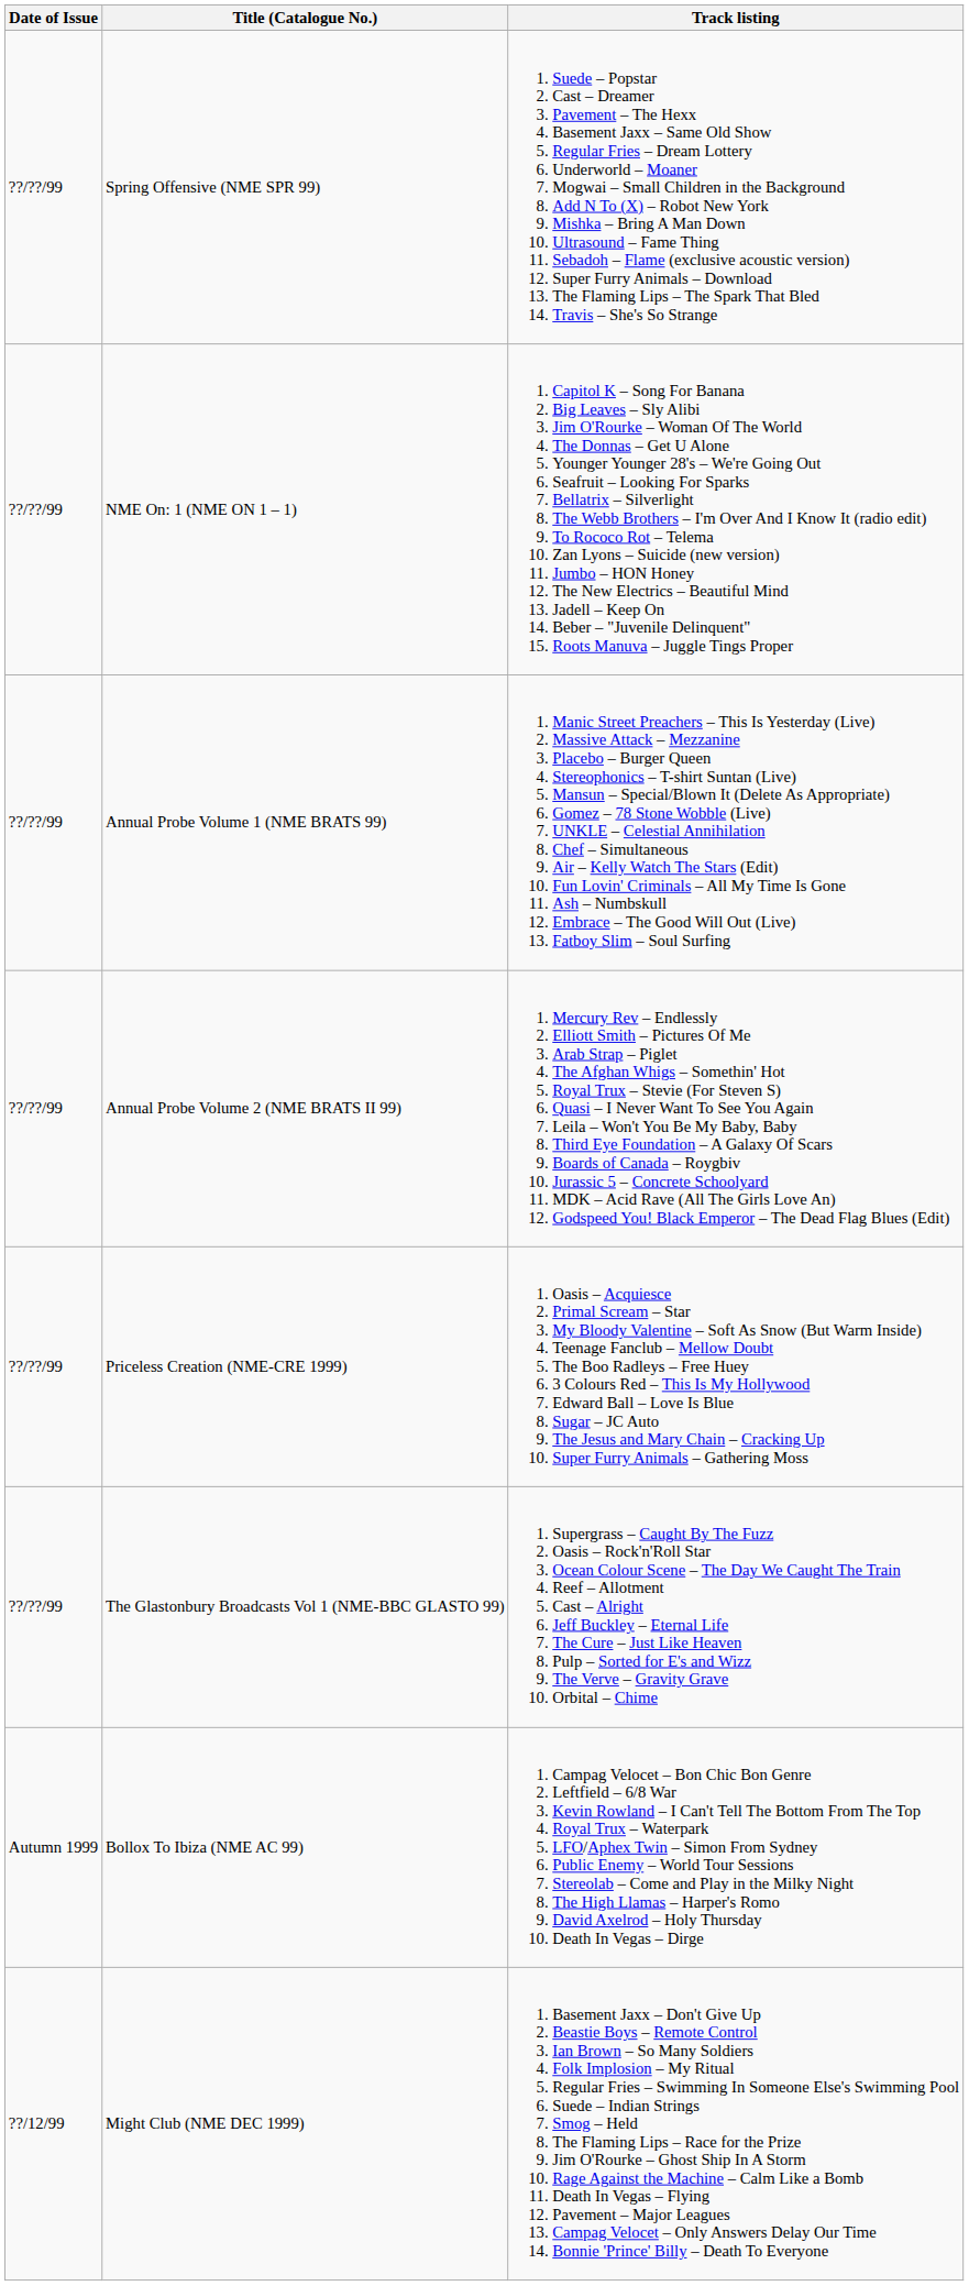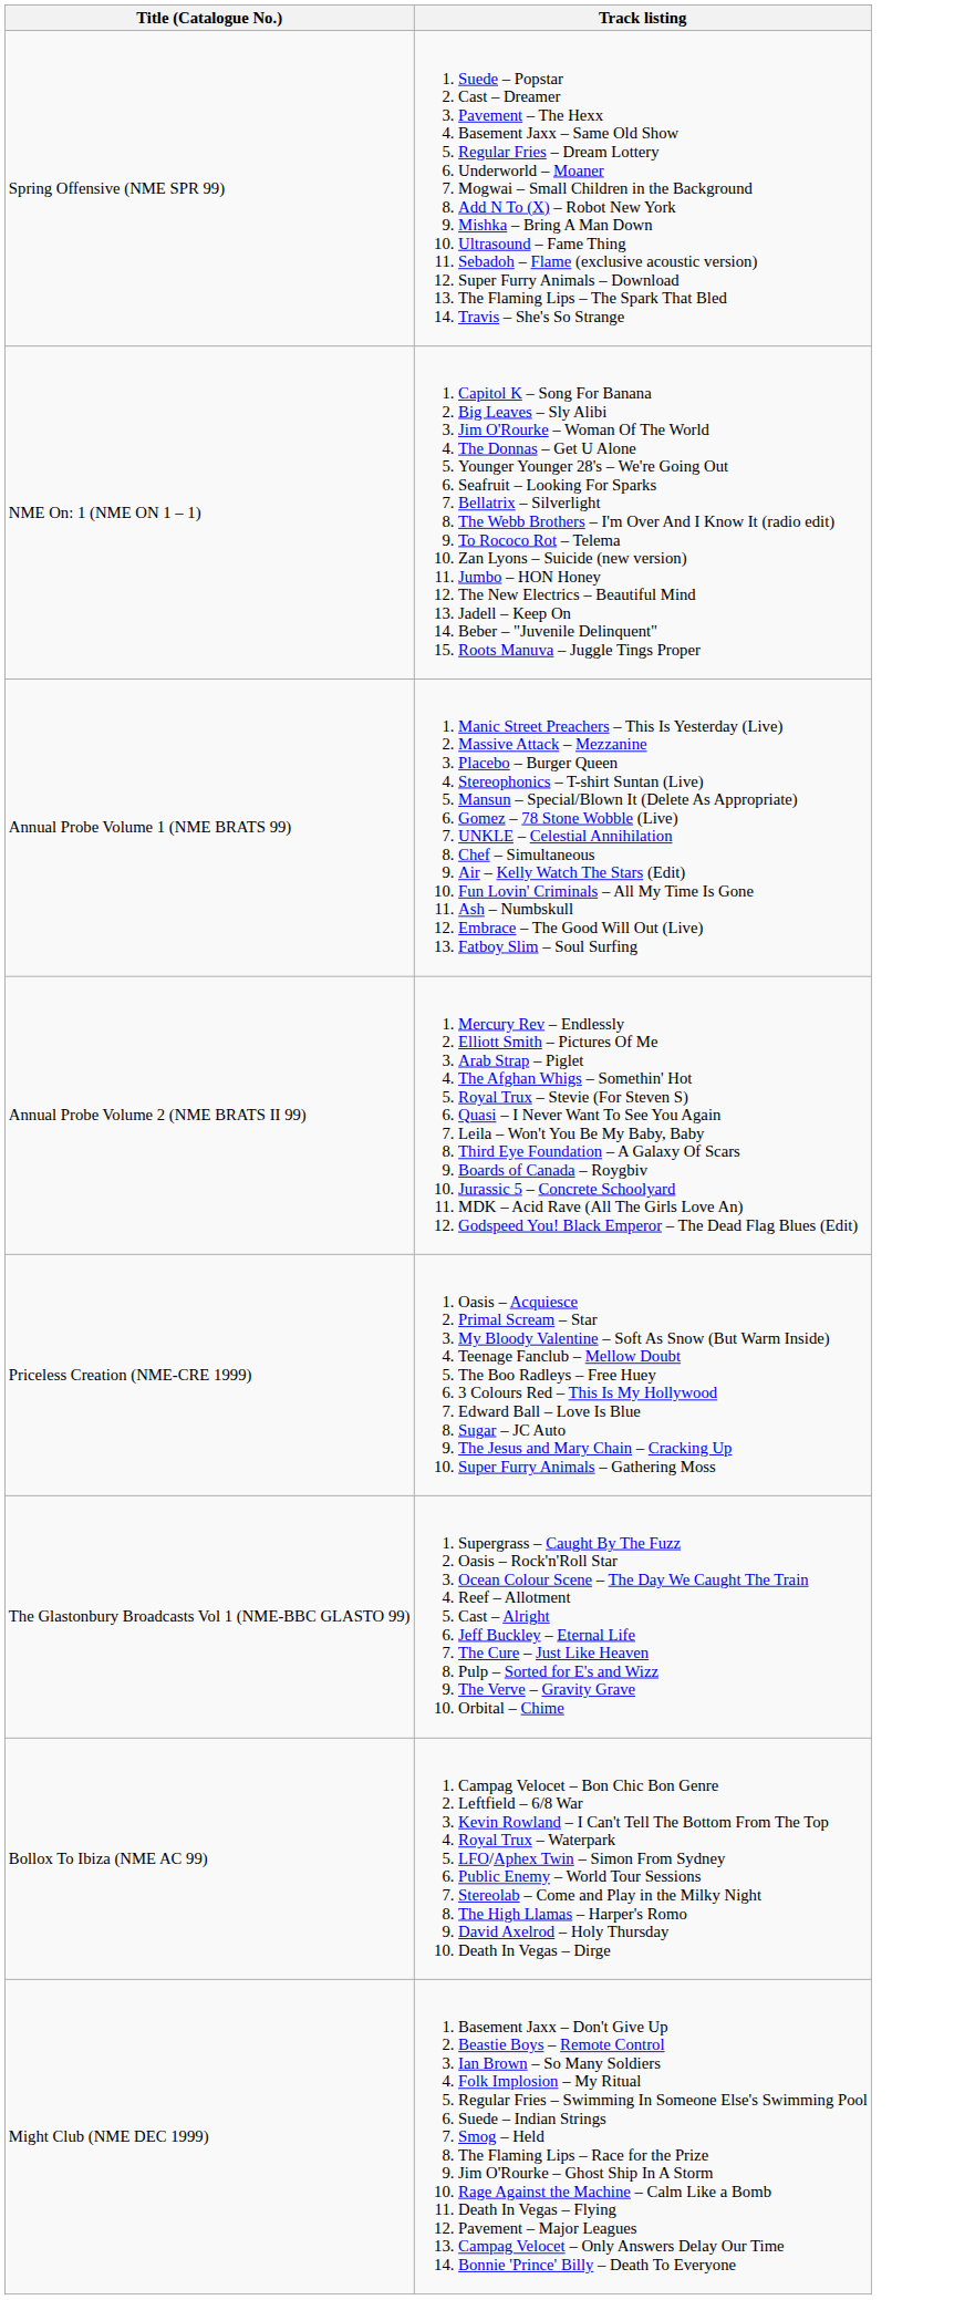 <table class="wikitable">
 <tr>
-<th>Date of Issue</th>
 <th>Title (Catalogue No.)</th>
 <th>Track listing</th>
 </tr>
 <tr>
-<td>??/??/99</td>
 <td>Spring Offensive (NME SPR 99)</td>
 <td><br><ol><li><a href='#'>Suede</a> – Popstar</li><li>Cast – Dreamer</li><li><a href='#'>Pavement</a> – The Hexx</li><li>Basement Jaxx – Same Old Show</li><li><a href='#'>Regular Fries</a> – Dream Lottery</li><li>Underworld – <a href='#'>Moaner</a></li><li>Mogwai – Small Children in the Background</li><li><a href='#'>Add N To (X)</a> – Robot New York</li><li><a href='#'>Mishka</a> – Bring A Man Down</li><li><a href='#'>Ultrasound</a> – Fame Thing</li><li><a href='#'>Sebadoh</a> – <a href='#'>Flame</a> (exclusive acoustic version)</li><li>Super Furry Animals – Download</li><li>The Flaming Lips – The Spark That Bled</li><li><a href='#'>Travis</a> – She's So Strange</li></ol></td>
 </tr>
 <tr>
-<td>??/??/99</td>
 <td>NME On: 1 (NME ON 1 – 1)</td>
 <td><br><ol><li><a href='#'>Capitol K</a> – Song For Banana</li><li><a href='#'>Big Leaves</a> – Sly Alibi</li><li><a href='#'>Jim O'Rourke</a> – Woman Of The World</li><li><a href='#'>The Donnas</a> – Get U Alone</li><li>Younger Younger 28's – We're Going Out</li><li>Seafruit – Looking For Sparks</li><li><a href='#'>Bellatrix</a> – Silverlight</li><li><a href='#'>The Webb Brothers</a> – I'm Over And I Know It (radio edit)</li><li><a href='#'>To Rococo Rot</a> – Telema</li><li>Zan Lyons – Suicide (new version)</li><li><a href='#'>Jumbo</a> – HON Honey</li><li>The New Electrics – Beautiful Mind</li><li>Jadell – Keep On</li><li>Beber – "Juvenile Delinquent"</li><li><a href='#'>Roots Manuva</a> – Juggle Tings Proper</li></ol></td>
 </tr>
 <tr>
-<td>??/??/99</td>
 <td>Annual Probe Volume 1 (NME BRATS 99)</td>
 <td><br><ol><li><a href='#'>Manic Street Preachers</a> – This Is Yesterday (Live)</li><li><a href='#'>Massive Attack</a> – <a href='#'>Mezzanine</a></li><li><a href='#'>Placebo</a> – Burger Queen</li><li><a href='#'>Stereophonics</a> – T-shirt Suntan (Live)</li><li><a href='#'>Mansun</a> – Special/Blown It (Delete As Appropriate)</li><li><a href='#'>Gomez</a> – <a href='#'>78 Stone Wobble</a> (Live)</li><li><a href='#'>UNKLE</a> – <a href='#'>Celestial Annihilation</a></li><li><a href='#'>Chef</a> – Simultaneous</li><li><a href='#'>Air</a> – <a href='#'>Kelly Watch The Stars</a> (Edit)</li><li><a href='#'>Fun Lovin' Criminals</a> – All My Time Is Gone</li><li><a href='#'>Ash</a> – Numbskull</li><li><a href='#'>Embrace</a> – The Good Will Out (Live)</li><li><a href='#'>Fatboy Slim</a> – Soul Surfing</li></ol></td>
 </tr>
 <tr>
-<td>??/??/99</td>
 <td>Annual Probe Volume 2 (NME BRATS II 99)</td>
 <td><br><ol><li><a href='#'>Mercury Rev</a> – Endlessly</li><li><a href='#'>Elliott Smith</a> – Pictures Of Me</li><li><a href='#'>Arab Strap</a> – Piglet</li><li><a href='#'>The Afghan Whigs</a> – Somethin' Hot</li><li><a href='#'>Royal Trux</a> – Stevie (For Steven S)</li><li><a href='#'>Quasi</a> – I Never Want To See You Again</li><li>Leila – Won't You Be My Baby, Baby</li><li><a href='#'>Third Eye Foundation</a> – A Galaxy Of Scars</li><li><a href='#'>Boards of Canada</a> – Roygbiv</li><li><a href='#'>Jurassic 5</a>  – <a href='#'>Concrete Schoolyard</a></li><li>MDK – Acid Rave (All The Girls Love An)</li><li><a href='#'>Godspeed You! Black Emperor</a>  – The Dead Flag Blues (Edit)</li></ol></td>
 </tr>
 <tr>
-<td>??/??/99</td>
 <td>Priceless Creation (NME-CRE 1999)</td>
 <td><br><ol><li>Oasis – <a href='#'>Acquiesce</a></li><li><a href='#'>Primal Scream</a> – Star</li><li><a href='#'>My Bloody Valentine</a> – Soft As Snow (But Warm Inside)</li><li>Teenage Fanclub – <a href='#'>Mellow Doubt</a></li><li>The Boo Radleys – Free Huey</li><li>3 Colours Red – <a href='#'>This Is My Hollywood</a></li><li>Edward Ball – Love Is Blue</li><li><a href='#'>Sugar</a> – JC Auto</li><li><a href='#'>The Jesus and Mary Chain</a> – <a href='#'>Cracking Up</a></li><li><a href='#'>Super Furry Animals</a> – Gathering Moss</li></ol></td>
 </tr>
 <tr>
-<td>??/??/99</td>
 <td>The Glastonbury Broadcasts Vol 1 (NME-BBC GLASTO 99)</td>
 <td><br><ol><li>Supergrass – <a href='#'>Caught By The Fuzz</a></li><li>Oasis – Rock'n'Roll Star</li><li><a href='#'>Ocean Colour Scene</a> – <a href='#'>The Day We Caught The Train</a></li><li>Reef – Allotment</li><li>Cast – <a href='#'>Alright</a></li><li><a href='#'>Jeff Buckley</a> – <a href='#'>Eternal Life</a></li><li><a href='#'>The Cure</a> – <a href='#'>Just Like Heaven</a></li><li>Pulp – <a href='#'>Sorted for E's and Wizz</a></li><li><a href='#'>The Verve</a> – <a href='#'>Gravity Grave</a></li><li>Orbital – <a href='#'>Chime</a></li></ol></td>
 </tr>
 <tr>
-<td>Autumn 1999</td>
 <td>Bollox To Ibiza (NME AC 99)</td>
 <td><br><ol><li>Campag Velocet – Bon Chic Bon Genre</li><li>Leftfield – 6/8 War</li><li><a href='#'>Kevin Rowland</a> – I Can't Tell The Bottom From The Top</li><li><a href='#'>Royal Trux</a> – Waterpark</li><li><a href='#'>LFO</a>/<a href='#'>Aphex Twin</a> – Simon From Sydney</li><li><a href='#'>Public Enemy</a> – World Tour Sessions</li><li><a href='#'>Stereolab</a> – Come and Play in the Milky Night</li><li><a href='#'>The High Llamas</a> – Harper's Romo</li><li><a href='#'>David Axelrod</a> – Holy Thursday</li><li>Death In Vegas – Dirge</li></ol></td>
 </tr>
 <tr>
-<td>??/12/99</td>
 <td>Might Club (NME DEC 1999)</td>
 <td><br><ol><li>Basement Jaxx – Don't Give Up</li><li><a href='#'>Beastie Boys</a> – <a href='#'>Remote Control</a></li><li><a href='#'>Ian Brown</a> – So Many Soldiers</li><li><a href='#'>Folk Implosion</a> – My Ritual</li><li>Regular Fries – Swimming In Someone Else's Swimming Pool</li><li>Suede – Indian Strings</li><li><a href='#'>Smog</a> – Held</li><li>The Flaming Lips – Race for the Prize</li><li>Jim O'Rourke – Ghost Ship In A Storm</li><li><a href='#'>Rage Against the Machine</a> – Calm Like a Bomb</li><li>Death In Vegas – Flying</li><li>Pavement – Major Leagues</li><li><a href='#'>Campag Velocet</a> – Only Answers Delay Our Time</li><li><a href='#'>Bonnie 'Prince' Billy</a> – Death To Everyone</li></ol></td>
 </tr>
 </table>
